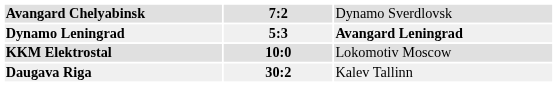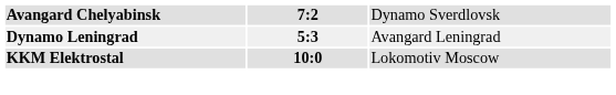 <table width="70%">
 <tr bgcolor="#e0e0e0">
 <td style="width:40%;"><strong>Avangard Chelyabinsk</strong></td>
 <th style="width:20%;"><strong>7:2</strong></th>
 <td style="width:40%;">Dynamo Sverdlovsk</td>
 </tr>
 <tr bgcolor="#f0f0f0">
 <td><strong>Dynamo Leningrad</strong></td>
 <th><strong>5:3</strong></th>
-<td><strong>Avangard Leningrad</strong></td>
+<td>Avangard Leningrad</td>
 </tr>
 <tr bgcolor="#e0e0e0">
 <td><strong>KKM Elektrostal</strong></td>
 <th><strong>10:0</strong></th>
 <td>Lokomotiv Moscow</td>
 </tr>
-<tr bgcolor="#f0f0f0">
-<td><strong>Daugava Riga</strong></td>
-<td align="center"><strong>30:2</strong></td>
-<td>Kalev Tallinn</td>
-</tr>
 </table>
